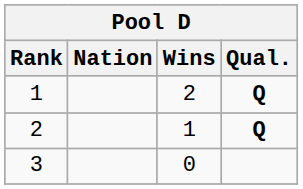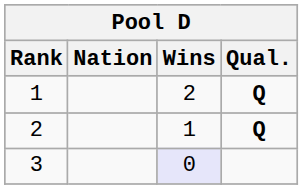 <table class="wikitable" style="text-align:center">
 <tr>
 <th colspan=4 align=center><strong>Pool D</strong></th>
 </tr>
 <tr>
 <th>Rank</th>
 <th>Nation</th>
 <th>Wins</th>
 <th>Qual.</th>
 </tr>
 <tr>
 <td>1</td>
 <td align=left></td>
 <td>2</td>
 <td><strong>Q</strong></td>
 </tr>
 <tr>
 <td>2</td>
 <td align=left></td>
 <td>1</td>
 <td><strong>Q</strong></td>
 </tr>
 <tr>
 <td>3</td>
 <td align=left></td>
-<td>0</td>
+<td style="background: lavender;">0</td>
 <td></td>
 </tr>
 </table>
